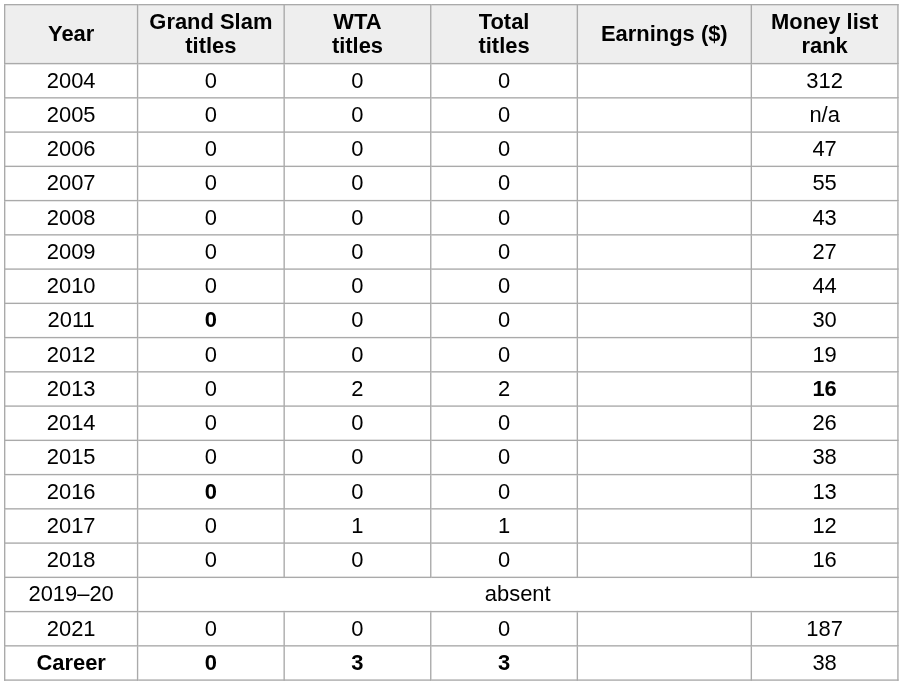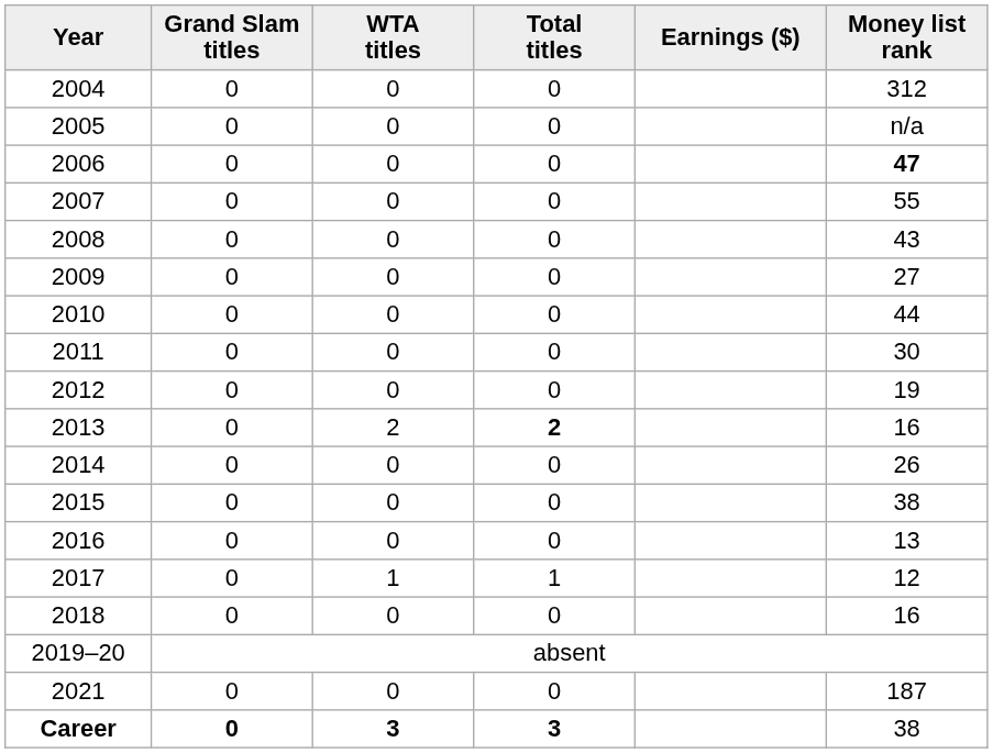 <table cellpadding=3 cellspacing=0 border=1 style=border:#aaa;solid:1px;border-collapse:collapse;text-align:center;>
 <tr style=background:#eee;font-weight:bold>
 <td width="90">Year</td>
 <td width="100">Grand Slam <br>titles</td>
 <td width="100">WTA <br>titles</td>
 <td width="100">Total <br>titles</td>
 <td width="120">Earnings ($)</td>
 <td width="100">Money list rank</td>
 </tr>
 <tr>
 <td>2004</td>
 <td>0</td>
 <td>0</td>
 <td>0</td>
 <td align=right></td>
 <td>312</td>
 </tr>
 <tr>
 <td>2005</td>
 <td>0</td>
 <td>0</td>
 <td>0</td>
 <td align=right></td>
 <td>n/a</td>
 </tr>
 <tr>
 <td>2006</td>
 <td>0</td>
 <td>0</td>
 <td>0</td>
 <td align=right></td>
-<td>47</td>
+<td><strong>47</strong></td>
 </tr>
 <tr>
 <td>2007</td>
 <td>0</td>
 <td>0</td>
 <td>0</td>
 <td align=right></td>
 <td>55</td>
 </tr>
 <tr>
 <td>2008</td>
 <td>0</td>
 <td>0</td>
 <td>0</td>
 <td align=right></td>
 <td>43</td>
 </tr>
 <tr>
 <td>2009</td>
 <td>0</td>
 <td>0</td>
 <td>0</td>
 <td align=right></td>
 <td>27</td>
 </tr>
 <tr>
 <td>2010</td>
 <td>0</td>
 <td>0</td>
 <td>0</td>
 <td align=right></td>
 <td>44</td>
 </tr>
 <tr>
 <td>2011</td>
-<td><strong>0</strong></td>
+<td>0</td>
 <td>0</td>
 <td>0</td>
 <td align=right></td>
 <td>30</td>
 </tr>
 <tr>
 <td>2012</td>
 <td>0</td>
 <td>0</td>
 <td>0</td>
 <td align=right></td>
 <td>19</td>
 </tr>
 <tr>
 <td>2013</td>
 <td>0</td>
 <td>2</td>
-<td>2</td>
+<td><strong>2</strong></td>
 <td align=right></td>
-<td><strong>16</strong></td>
+<td>16</td>
 </tr>
 <tr>
 <td>2014</td>
 <td>0</td>
 <td>0</td>
 <td>0</td>
 <td align=right></td>
 <td>26</td>
 </tr>
 <tr>
 <td>2015</td>
 <td>0</td>
 <td>0</td>
 <td>0</td>
 <td align=right></td>
 <td>38</td>
 </tr>
 <tr>
 <td>2016</td>
-<td><strong>0</strong></td>
+<td>0</td>
 <td>0</td>
 <td>0</td>
 <td align=right></td>
 <td>13</td>
 </tr>
 <tr>
 <td>2017</td>
 <td>0</td>
 <td>1</td>
 <td>1</td>
 <td align=right></td>
 <td>12</td>
 </tr>
 <tr>
 <td>2018</td>
 <td>0</td>
 <td>0</td>
 <td>0</td>
 <td align=right></td>
 <td>16</td>
 </tr>
 <tr>
 <td>2019–20</td>
 <td colspan=5>absent</td>
 </tr>
 <tr>
 <td>2021</td>
 <td>0</td>
 <td>0</td>
 <td>0</td>
 <td align=right></td>
 <td>187</td>
 </tr>
 <tr>
 <td><strong>Career</strong></td>
 <td><strong>0</strong></td>
 <td><strong>3</strong></td>
 <td><strong>3</strong></td>
 <td align=right></td>
 <td>38</td>
 </tr>
 </table>
